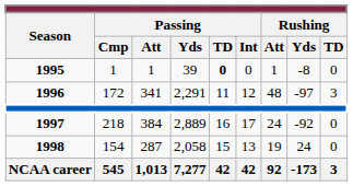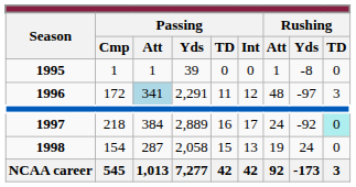 <table class=wikitable style="text-align:center;">
 <tr>
 <td ! colspan="12" style="background: #861F41; border: 2px solid #97999B; color:white;"></td>
 </tr>
 <tr>
 <th rowspan=2>Season</th>
 <th colspan=5>Passing</th>
 <th colspan=3>Rushing</th>
 </tr>
 <tr>
 <th>Cmp</th>
 <th>Att</th>
 <th>Yds</th>
 <th>TD</th>
 <th>Int</th>
 <th>Att</th>
 <th>Yds</th>
 <th>TD</th>
 </tr>
 <tr>
 <td><strong>1995</strong></td>
 <td>1</td>
 <td>1</td>
 <td>39</td>
-<td><strong>0</strong></td>
+<td>0</td>
 <td>0</td>
 <td>1</td>
 <td>-8</td>
 <td>0</td>
 </tr>
 <tr>
 <td><strong>1996</strong></td>
 <td>172</td>
-<td>341</td>
+<td style="background: lightblue;">341</td>
 <td>2,291</td>
 <td>11</td>
 <td>12</td>
 <td>48</td>
 <td>-97</td>
 <td>3</td>
 </tr>
 <tr>
 <td ! colspan="12" style="background: #005BBB; border: 2px solid white; color:white;"></td>
 </tr>
 <tr>
 <td><strong>1997</strong></td>
 <td>218</td>
 <td>384</td>
 <td>2,889</td>
 <td>16</td>
 <td>17</td>
 <td>24</td>
 <td>-92</td>
-<td>0</td>
+<td style="background: paleturquoise;">0</td>
 </tr>
 <tr>
 <td><strong>1998</strong></td>
 <td>154</td>
 <td>287</td>
 <td>2,058</td>
 <td>15</td>
 <td>13</td>
 <td>19</td>
 <td>24</td>
 <td>0</td>
 </tr>
 <tr>
 <th>NCAA career</th>
 <th>545</th>
 <th>1,013</th>
 <th>7,277</th>
 <th>42</th>
 <th>42</th>
 <th>92</th>
 <th>-173</th>
 <th>3</th>
 </tr>
 </table>
